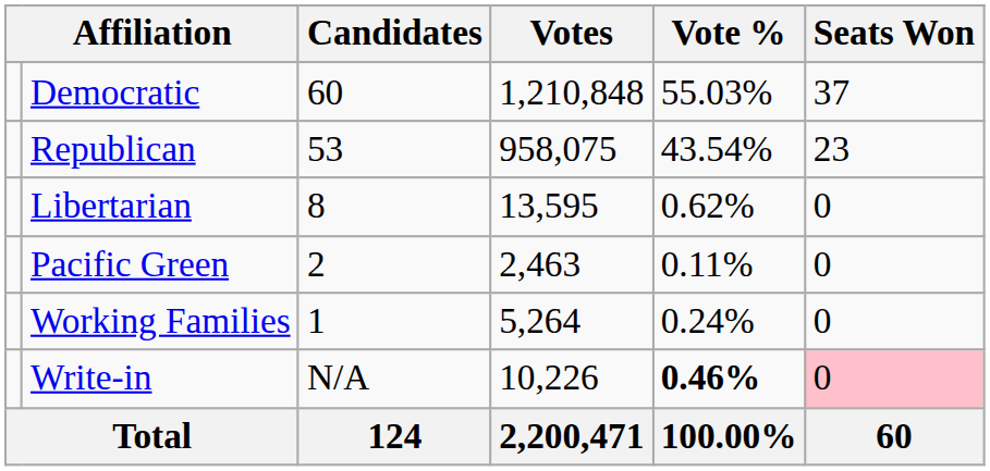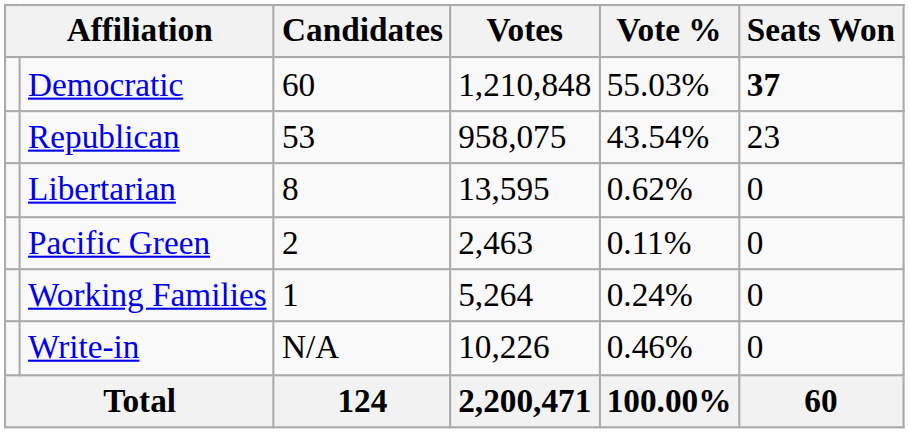 <table class="wikitable">
 <tr>
 <th colspan="2">Affiliation</th>
 <th>Candidates</th>
 <th>Votes</th>
 <th>Vote %</th>
 <th>Seats Won</th>
 </tr>
 <tr>
 <td style="background-color:"></td>
 <td><a href='#'>Democratic</a></td>
 <td>60</td>
 <td>1,210,848</td>
 <td>55.03%</td>
-<td>37</td>
+<td><strong>37</strong></td>
 </tr>
 <tr>
 <td style="background-color:"></td>
 <td><a href='#'>Republican</a></td>
 <td>53</td>
 <td>958,075</td>
 <td>43.54%</td>
 <td>23</td>
 </tr>
 <tr>
 <td style="background-color:"></td>
 <td><a href='#'>Libertarian</a></td>
 <td>8</td>
 <td>13,595</td>
 <td>0.62%</td>
 <td>0</td>
 </tr>
 <tr>
 <td style="background-color:"></td>
 <td><a href='#'>Pacific Green</a></td>
 <td>2</td>
 <td>2,463</td>
 <td>0.11%</td>
 <td>0</td>
 </tr>
 <tr>
 <td style="background-color:"></td>
 <td><a href='#'>Working Families</a></td>
 <td>1</td>
 <td>5,264</td>
 <td>0.24%</td>
 <td>0</td>
 </tr>
 <tr>
 <td style="background-color:"></td>
 <td><a href='#'>Write-in</a></td>
 <td>N/A</td>
 <td>10,226</td>
-<td><strong>0.46%</strong></td>
-<td style="background: pink;">0</td>
+<td>0.46%</td>
+<td>0</td>
 </tr>
 <tr>
 <th colspan="2">Total</th>
 <th>124</th>
 <th>2,200,471</th>
 <th>100.00%</th>
 <th>60</th>
 </tr>
 </table>
